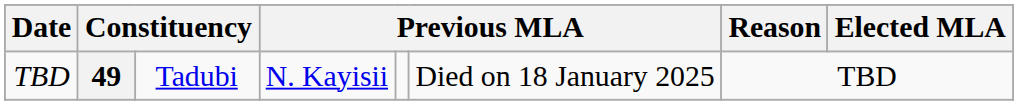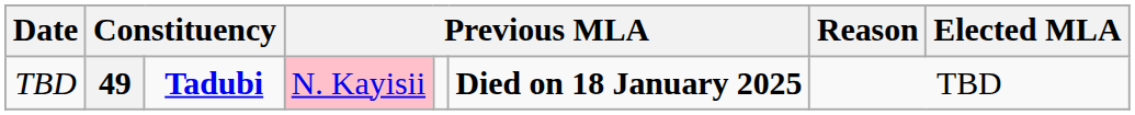 <table class="wikitable sortable" style="text-align:center;">
 <tr>
 <th>Date</th>
 <th colspan="2">Constituency</th>
 <th colspan="3">Previous MLA</th>
 <th>Reason</th>
 <th colspan="3">Elected MLA</th>
 </tr>
 <tr>
 <td rowspan=2><em>TBD</em></td>
 <th>49</th>
-<td><a href='#'>Tadubi</a></td>
-<td><a href='#'>N. Kayisii</a></td>
+<td><strong><a href='#'>Tadubi</a></strong></td>
+<td style="background: pink;"><a href='#'>N. Kayisii</a></td>
 <td></td>
-<td>Died on 18 January 2025</td>
+<td><strong>Died on 18 January 2025</strong></td>
 <td colspan="3" rowspan="1">TBD</td>
 </tr>
 </table>
